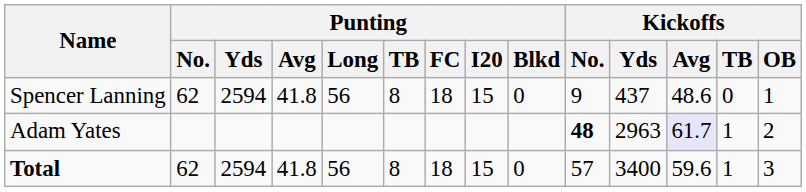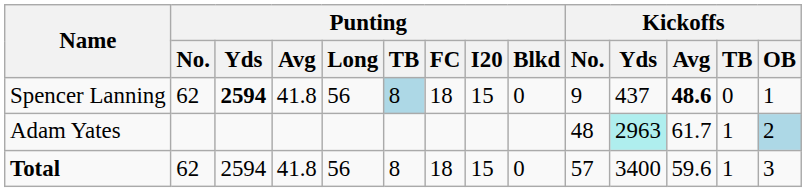 <table class="wikitable" style="white-space:nowrap;">
 <tr>
 <th rowspan="2">Name</th>
 <th colspan="8">Punting</th>
 <th colspan="5">Kickoffs</th>
 </tr>
 <tr>
 <th>No.</th>
 <th>Yds</th>
 <th>Avg</th>
 <th>Long</th>
 <th>TB</th>
 <th>FC</th>
 <th>I20</th>
 <th>Blkd</th>
 <th>No.</th>
 <th>Yds</th>
 <th>Avg</th>
 <th>TB</th>
 <th>OB</th>
 </tr>
 <tr>
 <td>Spencer Lanning</td>
 <td>62</td>
-<td>2594</td>
+<td><strong>2594</strong></td>
 <td>41.8</td>
 <td>56</td>
-<td>8</td>
+<td style="background: lightblue;">8</td>
 <td>18</td>
 <td>15</td>
 <td>0</td>
 <td>9</td>
 <td>437</td>
-<td>48.6</td>
+<td><strong>48.6</strong></td>
 <td>0</td>
 <td>1</td>
 </tr>
 <tr>
 <td>Adam Yates</td>
 <td></td>
 <td></td>
 <td></td>
 <td></td>
 <td></td>
 <td></td>
 <td></td>
 <td></td>
-<td><strong>48</strong></td>
-<td>2963</td>
-<td style="background: lavender;">61.7</td>
+<td>48</td>
+<td style="background: paleturquoise;">2963</td>
+<td>61.7</td>
 <td>1</td>
-<td>2</td>
+<td style="background: lightblue;">2</td>
 </tr>
 <tr>
 <td><strong>Total</strong></td>
 <td>62</td>
 <td>2594</td>
 <td>41.8</td>
 <td>56</td>
 <td>8</td>
 <td>18</td>
 <td>15</td>
 <td>0</td>
 <td>57</td>
 <td>3400</td>
 <td>59.6</td>
 <td>1</td>
 <td>3</td>
 </tr>
 </table>
